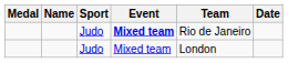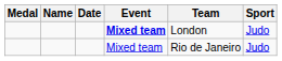 <table class="wikitable"  style="font-size: 95%;">
 <tr>
 <th>Medal</th>
 <th>Name</th>
-<th>Sport</th>
+<th>Date</th>
 <th>Event</th>
 <th>Team</th>
-<th>Date</th>
+<th>Sport</th>
 </tr>
 <tr>
 <td></td>
 <td></td>
+<td></td>
+<td><strong><a href='#'>Mixed team</a></strong></td>
+<td>London</td>
 <td><a href='#'>Judo</a></td>
-<td><strong><a href='#'>Mixed team</a></strong></td>
-<td>Rio de Janeiro</td>
-<td></td>
 </tr>
 <tr>
 <td></td>
 <td></td>
+<td></td>
+<td><a href='#'>Mixed team</a></td>
+<td>Rio de Janeiro</td>
 <td><a href='#'>Judo</a></td>
-<td><a href='#'>Mixed team</a></td>
-<td>London</td>
-<td></td>
 </tr>
 </table>
